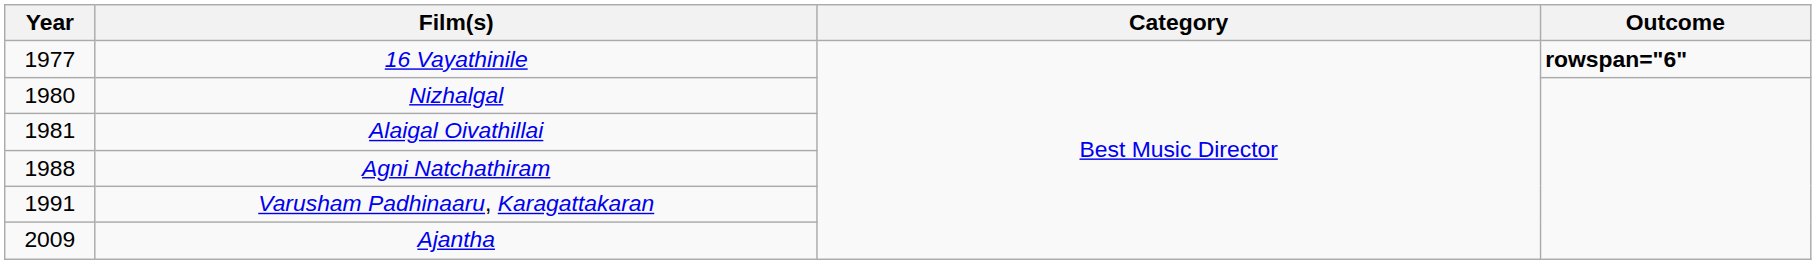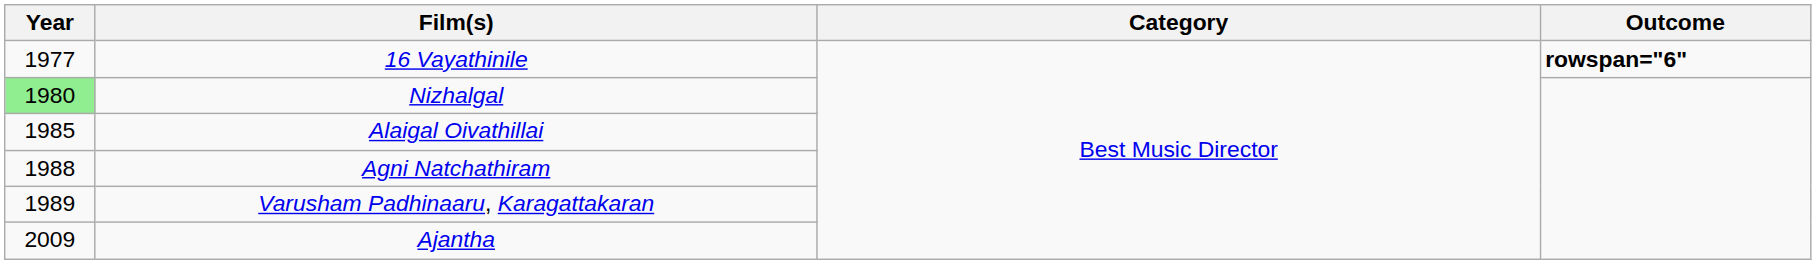 <table class="wikitable" style="width:100%;">
 <tr>
 <th width=5%>Year</th>
 <th style="width:40%;">Film(s)</th>
 <th style="width:40%;">Category</th>
 <th style="width:15%;">Outcome</th>
 </tr>
 <tr>
 <td style="text-align:center;">1977</td>
 <td style="text-align:center;"><em><a href='#'>16 Vayathinile</a></em></td>
 <td rowspan="6" style="text-align:center;"><a href='#'>Best Music Director</a></td>
 <td><strong>rowspan="6" </strong></td>
 </tr>
 <tr>
-<td style="text-align:center;">1980</td>
+<td style="background: lightgreen; text-align:center;">1980</td>
 <td style="text-align:center;"><em><a href='#'>Nizhalgal</a></em></td>
 </tr>
 <tr>
-<td style="text-align:center;">1981</td>
+<td style="text-align:center;">1985</td>
 <td style="text-align:center;"><em><a href='#'>Alaigal Oivathillai</a></em></td>
 </tr>
 <tr>
 <td style="text-align:center;">1988</td>
 <td style="text-align:center;"><em><a href='#'>Agni Natchathiram</a></em></td>
 </tr>
 <tr>
-<td style="text-align:center;">1991</td>
+<td style="text-align:center;">1989</td>
 <td style="text-align:center;"><em><a href='#'>Varusham Padhinaaru</a></em>, <em><a href='#'>Karagattakaran</a></em></td>
 </tr>
 <tr>
 <td style="text-align:center;">2009</td>
 <td style="text-align:center;"><em><a href='#'>Ajantha</a></em></td>
 </tr>
 </table>
